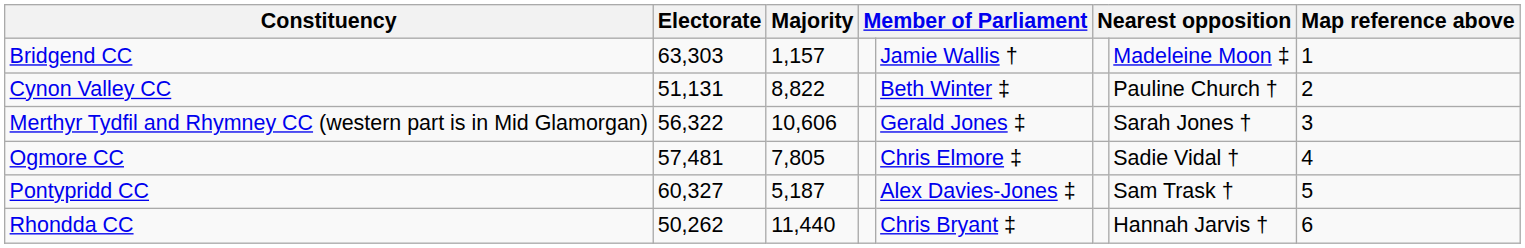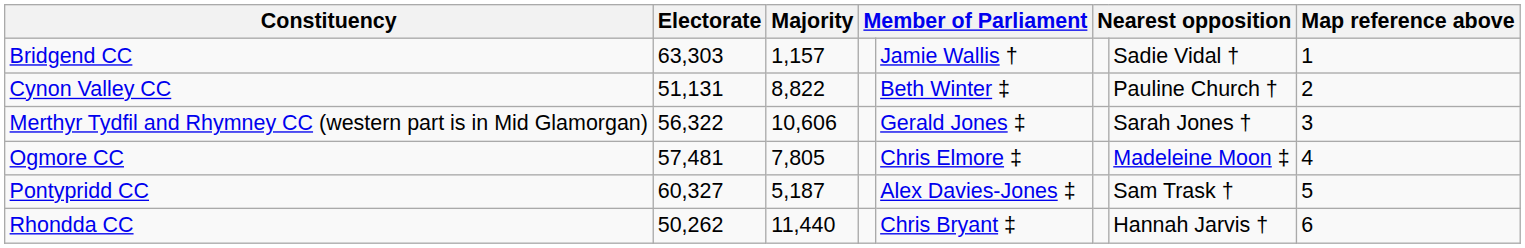 <table class="wikitable sortable">
 <tr>
 <th rowspan=1>Constituency</th>
 <th rowspan=1>Electorate</th>
 <th rowspan=1>Majority</th>
 <th colspan=2 class=unsortable><a href='#'>Member of Parliament</a></th>
 <th colspan=2 class=unsortable>Nearest opposition<br></th>
 <th rowspan=1 class=unsortable>Map reference above</th>
 </tr>
 <tr>
 <td><a href='#'>Bridgend CC</a></td>
 <td>63,303</td>
 <td>1,157</td>
 <td style="color:inherit;background:"> </td>
 <td><a href='#'>Jamie Wallis</a> †</td>
 <td style="color:inherit;background:"> </td>
-<td><a href='#'>Madeleine Moon</a> ‡</td>
+<td>Sadie Vidal †</td>
 <td>1</td>
 </tr>
 <tr>
 <td><a href='#'>Cynon Valley CC</a></td>
 <td>51,131</td>
 <td>8,822</td>
 <td style="color:inherit;background:"> </td>
 <td><a href='#'>Beth Winter</a> ‡</td>
 <td style="color:inherit;background:"> </td>
 <td>Pauline Church †</td>
 <td>2</td>
 </tr>
 <tr>
 <td><a href='#'>Merthyr Tydfil and Rhymney CC</a> (western part is in Mid Glamorgan)</td>
 <td>56,322</td>
 <td>10,606</td>
 <td style="color:inherit;background:"> </td>
 <td><a href='#'>Gerald Jones</a> ‡</td>
 <td style="color:inherit;background:"> </td>
 <td>Sarah Jones †</td>
 <td>3</td>
 </tr>
 <tr>
 <td><a href='#'>Ogmore CC</a></td>
 <td>57,481</td>
 <td>7,805</td>
 <td style="color:inherit;background:"> </td>
 <td><a href='#'>Chris Elmore</a> ‡</td>
 <td style="color:inherit;background:"> </td>
-<td>Sadie Vidal †</td>
+<td><a href='#'>Madeleine Moon</a> ‡</td>
 <td>4</td>
 </tr>
 <tr>
 <td><a href='#'>Pontypridd CC</a></td>
 <td>60,327</td>
 <td>5,187</td>
 <td style="color:inherit;background:"> </td>
 <td><a href='#'>Alex Davies-Jones</a> ‡</td>
 <td style="color:inherit;background:"> </td>
 <td>Sam Trask †</td>
 <td>5</td>
 </tr>
 <tr>
 <td><a href='#'>Rhondda CC</a></td>
 <td>50,262</td>
 <td>11,440</td>
 <td style="color:inherit;background:"> </td>
 <td><a href='#'>Chris Bryant</a> ‡</td>
 <td style="color:inherit;background:"> </td>
 <td>Hannah Jarvis †</td>
 <td>6</td>
 </tr>
 </table>
